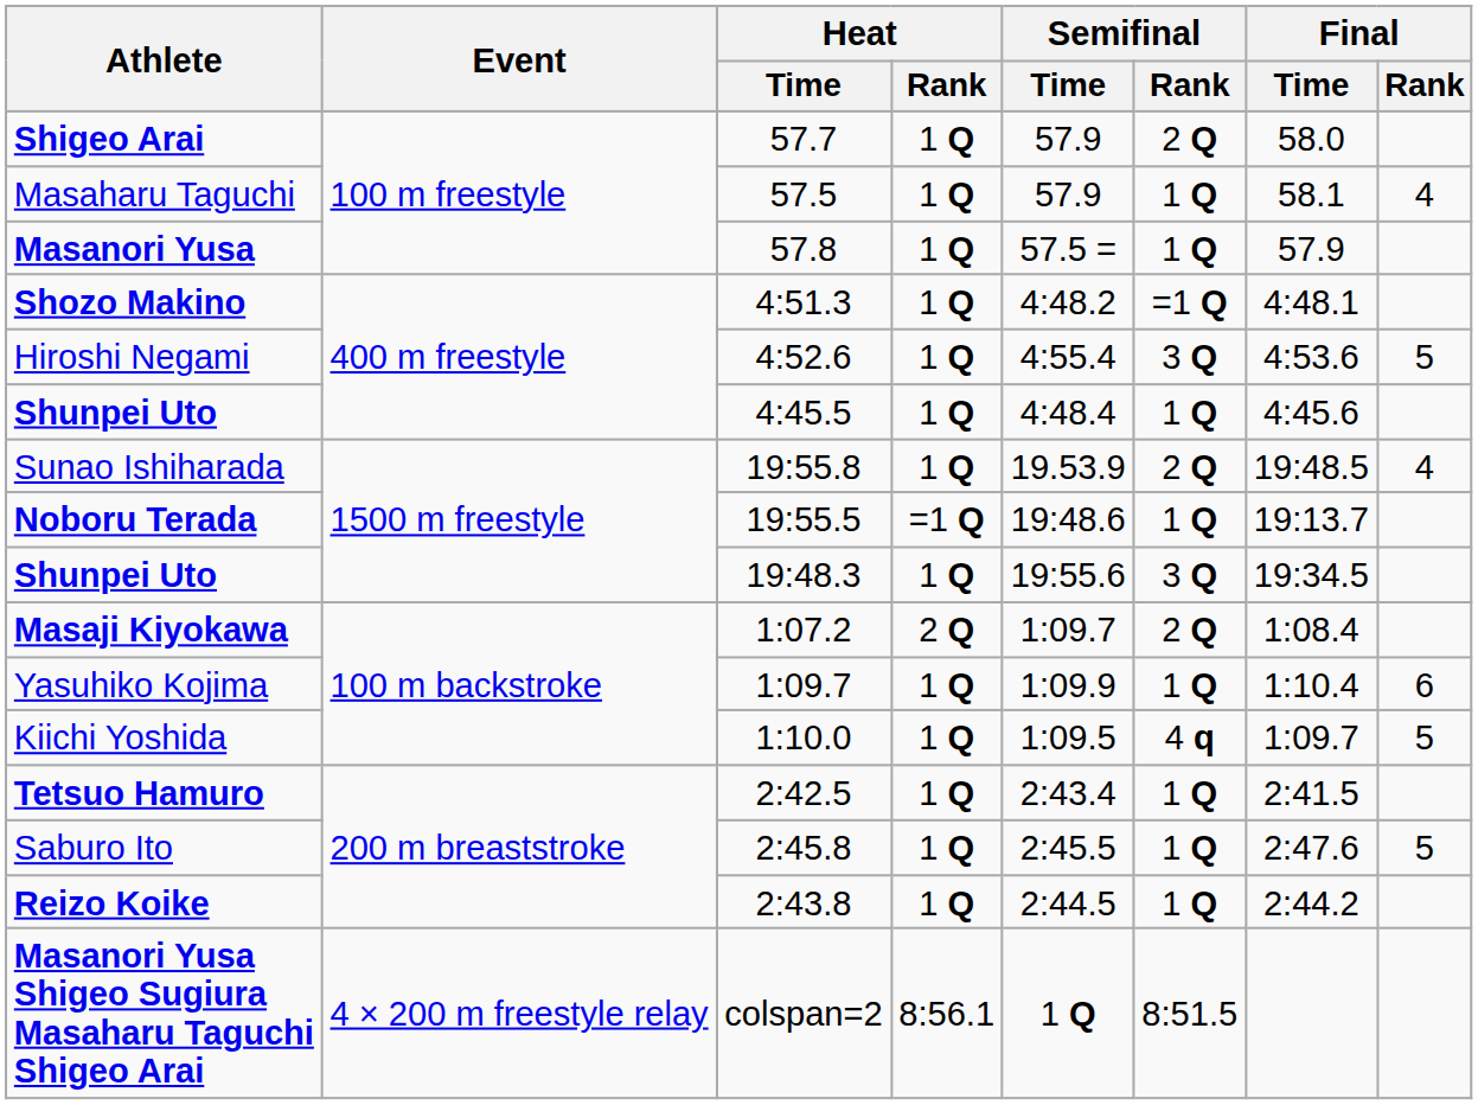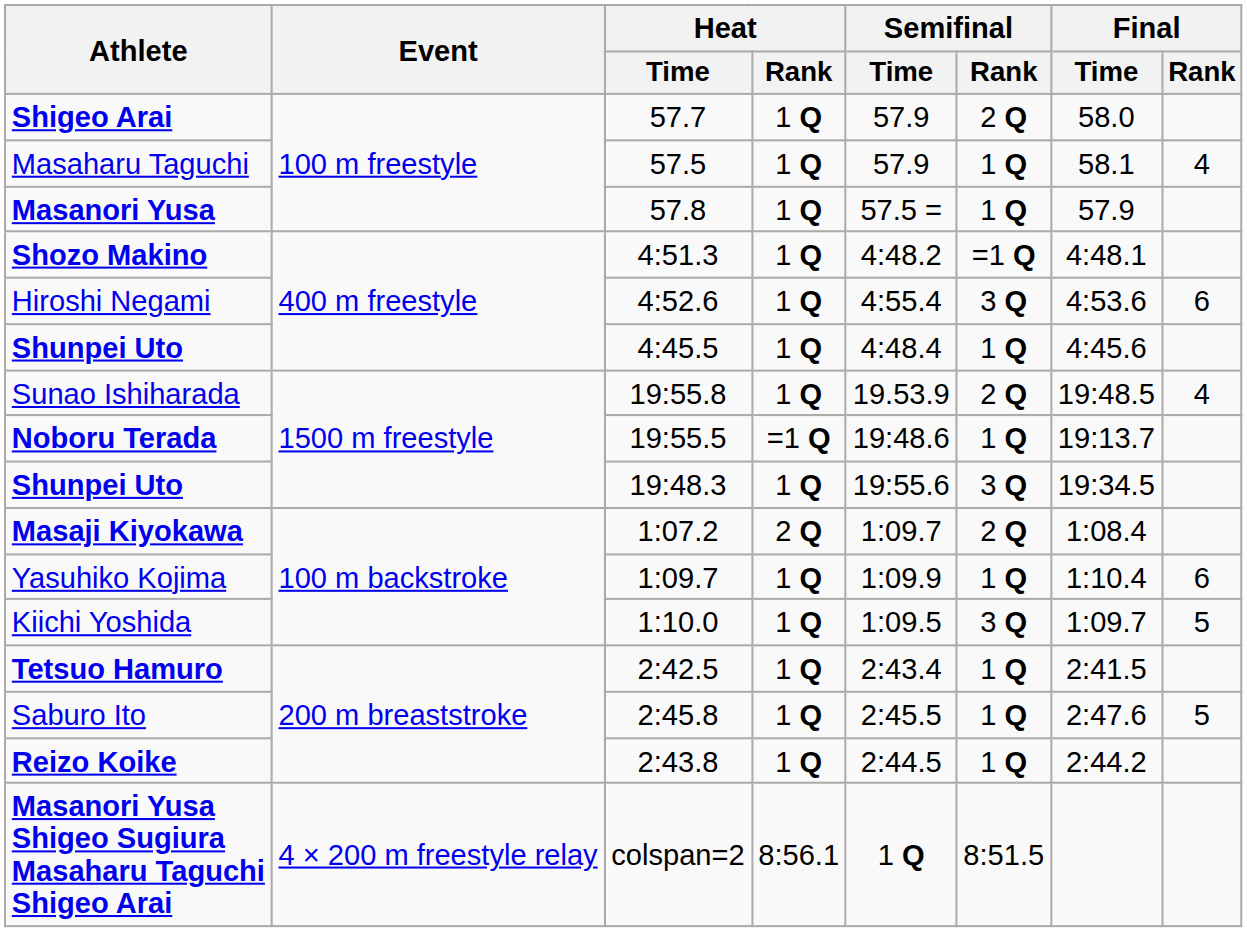 <table class=wikitable style="font-size:90%;">
 <tr>
 <th rowspan=2>Athlete</th>
 <th rowspan=2>Event</th>
 <th colspan=2>Heat</th>
 <th colspan=2>Semifinal</th>
 <th colspan=2>Final</th>
 </tr>
 <tr style="font-size:95%">
 <th>Time</th>
 <th>Rank</th>
 <th>Time</th>
 <th>Rank</th>
 <th>Time</th>
 <th>Rank</th>
 </tr>
 <tr align=center>
 <td align=left><strong><a href='#'>Shigeo Arai</a></strong></td>
 <td rowspan=3 align=left><a href='#'>100 m freestyle</a></td>
 <td>57.7</td>
 <td>1 <strong>Q</strong></td>
 <td>57.9</td>
 <td>2 <strong>Q</strong></td>
 <td>58.0</td>
 <td></td>
 </tr>
 <tr align=center>
 <td align=left><a href='#'>Masaharu Taguchi</a></td>
 <td>57.5 </td>
 <td>1 <strong>Q</strong></td>
 <td>57.9</td>
 <td>1 <strong>Q</strong></td>
 <td>58.1</td>
 <td>4</td>
 </tr>
 <tr align=center>
 <td align=left><strong><a href='#'>Masanori Yusa</a></strong></td>
 <td>57.8</td>
 <td>1 <strong>Q</strong></td>
 <td>57.5 =</td>
 <td>1 <strong>Q</strong></td>
 <td>57.9</td>
 <td></td>
 </tr>
 <tr align=center>
 <td align=left><strong><a href='#'>Shozo Makino</a></strong></td>
 <td rowspan=3 align=left><a href='#'>400 m freestyle</a></td>
 <td>4:51.3</td>
 <td>1 <strong>Q</strong></td>
 <td>4:48.2</td>
 <td>=1 <strong>Q</strong></td>
 <td>4:48.1</td>
 <td></td>
 </tr>
 <tr align=center>
 <td align=left><a href='#'>Hiroshi Negami</a></td>
 <td>4:52.6</td>
 <td>1 <strong>Q</strong></td>
 <td>4:55.4</td>
 <td>3 <strong>Q</strong></td>
 <td>4:53.6</td>
-<td>5</td>
+<td>6</td>
 </tr>
 <tr align=center>
 <td align=left><strong><a href='#'>Shunpei Uto</a></strong></td>
 <td>4:45.5 </td>
 <td>1 <strong>Q</strong></td>
 <td>4:48.4</td>
 <td>1 <strong>Q</strong></td>
 <td>4:45.6</td>
 <td></td>
 </tr>
 <tr align=center>
 <td align=left><a href='#'>Sunao Ishiharada</a></td>
 <td rowspan=3 align=left><a href='#'>1500 m freestyle</a></td>
 <td>19:55.8</td>
 <td>1 <strong>Q</strong></td>
 <td>19.53.9</td>
 <td>2 <strong>Q</strong></td>
 <td>19:48.5</td>
 <td>4</td>
 </tr>
 <tr align=center>
 <td align=left><strong><a href='#'>Noboru Terada</a></strong></td>
 <td>19:55.5</td>
 <td>=1 <strong>Q</strong></td>
 <td>19:48.6</td>
 <td>1 <strong>Q</strong></td>
 <td>19:13.7</td>
 <td></td>
 </tr>
 <tr align=center>
 <td align=left><strong><a href='#'>Shunpei Uto</a></strong></td>
 <td>19:48.3</td>
 <td>1 <strong>Q</strong></td>
 <td>19:55.6</td>
 <td>3 <strong>Q</strong></td>
 <td>19:34.5</td>
 <td></td>
 </tr>
 <tr align=center>
 <td align=left><strong><a href='#'>Masaji Kiyokawa</a></strong></td>
 <td rowspan=3 align=left><a href='#'>100 m backstroke</a></td>
 <td>1:07.2</td>
 <td>2 <strong>Q</strong></td>
 <td>1:09.7</td>
 <td>2 <strong>Q</strong></td>
 <td>1:08.4</td>
 <td></td>
 </tr>
 <tr align=center>
 <td align=left><a href='#'>Yasuhiko Kojima</a></td>
 <td>1:09.7</td>
 <td>1 <strong>Q</strong></td>
 <td>1:09.9</td>
 <td>1 <strong>Q</strong></td>
 <td>1:10.4</td>
 <td>6</td>
 </tr>
 <tr align=center>
 <td align=left><a href='#'>Kiichi Yoshida</a></td>
 <td>1:10.0</td>
 <td>1 <strong>Q</strong></td>
 <td>1:09.5</td>
-<td>4 <strong>q</strong></td>
+<td>3 <strong>Q</strong></td>
 <td>1:09.7</td>
 <td>5</td>
 </tr>
 <tr align=center>
 <td align=left><strong><a href='#'>Tetsuo Hamuro</a></strong></td>
 <td rowspan=3 align=left><a href='#'>200 m breaststroke</a></td>
 <td>2:42.5 </td>
 <td>1 <strong>Q</strong></td>
 <td>2:43.4</td>
 <td>1 <strong>Q</strong></td>
 <td>2:41.5</td>
 <td></td>
 </tr>
 <tr align=center>
 <td align=left><a href='#'>Saburo Ito</a></td>
 <td>2:45.8</td>
 <td>1 <strong>Q</strong></td>
 <td>2:45.5</td>
 <td>1 <strong>Q</strong></td>
 <td>2:47.6</td>
 <td>5</td>
 </tr>
 <tr align=center>
 <td align=left><strong><a href='#'>Reizo Koike</a></strong></td>
 <td>2:43.8</td>
 <td>1 <strong>Q</strong></td>
 <td>2:44.5</td>
 <td>1 <strong>Q</strong></td>
 <td>2:44.2</td>
 <td></td>
 </tr>
 <tr align=center>
 <td align=left><strong><a href='#'>Masanori Yusa</a><br><a href='#'>Shigeo Sugiura</a><br><a href='#'>Masaharu Taguchi</a><br><a href='#'>Shigeo Arai</a></strong></td>
 <td align=left><a href='#'>4 × 200 m freestyle relay</a></td>
 <td>colspan=2 </td>
 <td>8:56.1</td>
 <td>1 <strong>Q</strong></td>
 <td>8:51.5 </td>
 <td></td>
 </tr>
 </table>
